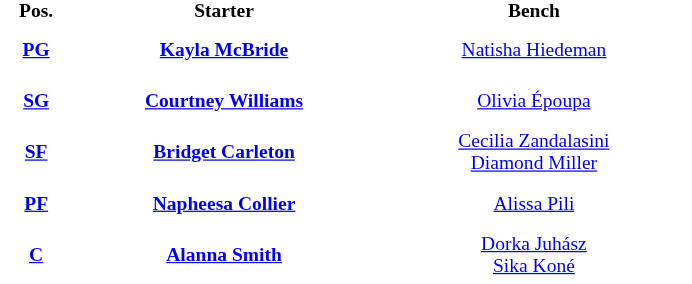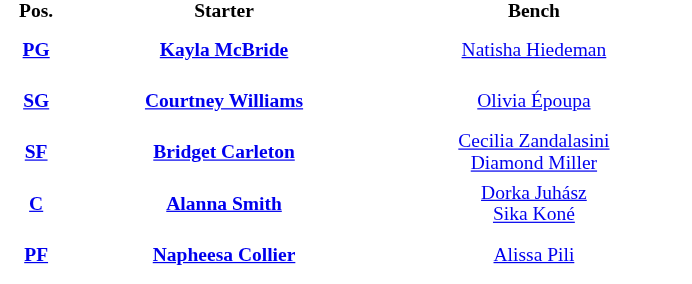 <table style="text-align:center; ">
 <tr>
 <th width="50">Pos.</th>
 <th width="250">Starter</th>
 <th width="250">Bench</th>
 </tr>
 <tr style="height:40px; background:white; color:#092C57">
 <th><a href='#'><span>PG</span></a></th>
 <td><strong><a href='#'>Kayla McBride</a></strong></td>
 <td><a href='#'>Natisha Hiedeman</a></td>
 </tr>
 <tr style="height:40px; background:white; color:#092C57">
 <th><a href='#'><span>SG</span></a></th>
 <td><strong><a href='#'>Courtney Williams</a></strong></td>
 <td><a href='#'>Olivia Époupa</a></td>
 </tr>
 <tr style="height:40px; background:white; color:#092C57">
 <th><a href='#'><span>SF</span></a></th>
 <td><strong><a href='#'>Bridget Carleton</a></strong></td>
 <td><a href='#'>Cecilia Zandalasini</a><br><a href='#'>Diamond Miller</a> </td>
 </tr>
 <tr style="height:40px; background:white; color:#092C57">
+<th><a href='#'><span>C</span></a></th>
+<td><strong><a href='#'>Alanna Smith</a></strong></td>
+<td><a href='#'>Dorka Juhász</a><br><a href='#'>Sika Koné</a></td>
+</tr>
+<tr style="height:40px; background:white; color:#092C57">
 <th><a href='#'><span>PF</span></a></th>
 <td><strong><a href='#'>Napheesa Collier</a></strong></td>
 <td><a href='#'>Alissa Pili</a></td>
 </tr>
-<tr style="height:40px; background:white; color:#092C57">
-<th><a href='#'><span>C</span></a></th>
-<td><strong><a href='#'>Alanna Smith</a></strong></td>
-<td><a href='#'>Dorka Juhász</a><br><a href='#'>Sika Koné</a></td>
-</tr>
 </table>
